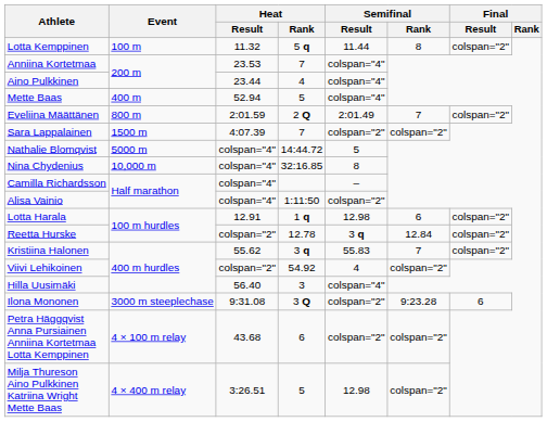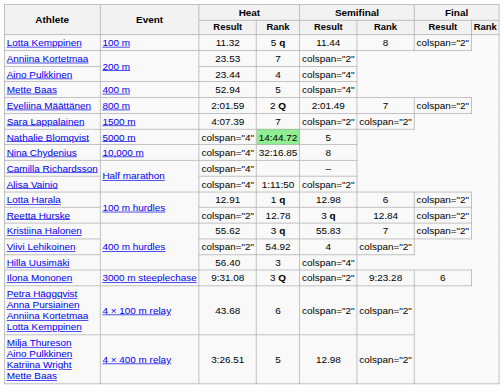 <table class="wikitable" style="font-size:90%">
 <tr>
 <th rowspan="2">Athlete</th>
 <th rowspan="2">Event</th>
 <th colspan="2">Heat</th>
 <th colspan="2">Semifinal</th>
 <th colspan="2">Final</th>
 </tr>
 <tr style="font-size:95%">
 <th>Result</th>
 <th>Rank</th>
 <th>Result</th>
 <th>Rank</th>
 <th>Result</th>
 <th>Rank</th>
 </tr>
 <tr align=center>
 <td align="left"><a href='#'>Lotta Kemppinen</a></td>
 <td align="left"><a href='#'>100 m</a></td>
 <td>11.32 </td>
 <td>5 <strong>q</strong></td>
 <td>11.44</td>
 <td>8</td>
 <td>colspan="2" </td>
 </tr>
 <tr align=center>
 <td align="left"><a href='#'>Anniina Kortetmaa</a></td>
 <td rowspan="2" align="left"><a href='#'>200 m</a></td>
 <td>23.53 </td>
 <td>7</td>
-<td>colspan="4" </td>
+<td>colspan="2" </td>
 </tr>
 <tr align=center>
 <td align="left"><a href='#'>Aino Pulkkinen</a></td>
 <td>23.44</td>
 <td>4</td>
 <td>colspan="4" </td>
 </tr>
 <tr align=center>
 <td align="left"><a href='#'>Mette Baas</a></td>
 <td align="left"><a href='#'>400 m</a></td>
 <td>52.94</td>
 <td>5</td>
 <td>colspan="4" </td>
 </tr>
 <tr align=center>
 <td align="left"><a href='#'>Eveliina Määttänen</a></td>
 <td align="left"><a href='#'>800 m</a></td>
 <td>2:01.59</td>
 <td>2 <strong>Q</strong></td>
 <td>2:01.49</td>
 <td>7</td>
 <td>colspan="2" </td>
 </tr>
 <tr align=center>
 <td align="left"><a href='#'>Sara Lappalainen</a></td>
 <td align="left"><a href='#'>1500 m</a></td>
 <td>4:07.39 </td>
 <td>7</td>
 <td>colspan="2" </td>
 <td>colspan="2" </td>
 </tr>
 <tr align=center>
 <td align="left"><a href='#'>Nathalie Blomqvist</a></td>
 <td align="left"><a href='#'>5000 m</a></td>
 <td>colspan="4" </td>
-<td>14:44.72 </td>
+<td style="background: lightgreen;">14:44.72 </td>
 <td>5</td>
 </tr>
 <tr align=center>
 <td align="left"><a href='#'>Nina Chydenius</a></td>
 <td align="left"><a href='#'>10,000 m</a></td>
 <td>colspan="4" </td>
 <td>32:16.85 </td>
 <td>8</td>
 </tr>
 <tr align=center>
 <td align="left"><a href='#'>Camilla Richardsson</a></td>
 <td align="left" rowspan="2"><a href='#'>Half marathon</a></td>
 <td>colspan="4" </td>
 <td></td>
 <td>–</td>
 </tr>
 <tr align=center>
 <td align="left"><a href='#'>Alisa Vainio</a></td>
 <td>colspan="4" </td>
 <td>1:11:50 </td>
 <td>colspan="2" </td>
 </tr>
 <tr align=center>
 <td align="left"><a href='#'>Lotta Harala</a></td>
 <td align="left" rowspan="2"><a href='#'>100 m hurdles</a></td>
 <td>12.91</td>
 <td>1 <strong>q</strong></td>
 <td>12.98</td>
 <td>6</td>
 <td>colspan="2" </td>
 </tr>
 <tr align=center>
 <td align="left"><a href='#'>Reetta Hurske</a></td>
 <td>colspan="2" </td>
 <td>12.78 </td>
 <td>3 <strong>q</strong></td>
 <td>12.84</td>
 <td>colspan="2" </td>
 </tr>
 <tr align=center>
 <td align="left"><a href='#'>Kristiina Halonen</a></td>
 <td rowspan="3" align="left"><a href='#'>400 m hurdles</a></td>
 <td>55.62 </td>
 <td>3 <strong>q</strong></td>
 <td>55.83</td>
 <td>7</td>
 <td>colspan="2" </td>
 </tr>
 <tr align=center>
 <td align="left"><a href='#'>Viivi Lehikoinen</a></td>
 <td>colspan="2" </td>
 <td>54.92 </td>
 <td>4</td>
 <td>colspan="2" </td>
 </tr>
 <tr align=center>
 <td align="left"><a href='#'>Hilla Uusimäki</a></td>
 <td>56.40</td>
 <td>3</td>
 <td>colspan="4" </td>
 </tr>
 <tr align=center>
 <td align="left"><a href='#'>Ilona Mononen</a></td>
 <td align="left"><a href='#'>3000 m steeplechase</a></td>
 <td>9:31.08 </td>
 <td>3 <strong>Q</strong></td>
 <td>colspan="2" </td>
 <td>9:23.28 </td>
 <td>6</td>
 </tr>
 <tr align=center>
 <td align="left"><a href='#'>Petra Häggqvist</a><br><a href='#'>Anna Pursiainen</a><br><a href='#'>Anniina Kortetmaa</a><br><a href='#'>Lotta Kemppinen</a></td>
 <td align="left"><a href='#'>4 × 100 m relay</a></td>
 <td>43.68 </td>
 <td>6</td>
 <td>colspan="2" </td>
 <td>colspan="2" </td>
 </tr>
 <tr align=center>
 <td align="left"><a href='#'>Milja Thureson</a><br><a href='#'>Aino Pulkkinen</a><br><a href='#'>Katriina Wright</a><br><a href='#'>Mette Baas</a></td>
 <td align="left"><a href='#'>4 × 400 m relay</a></td>
 <td>3:26.51 </td>
 <td>5</td>
 <td>12.98</td>
 <td>colspan="2" </td>
 </tr>
 </table>
